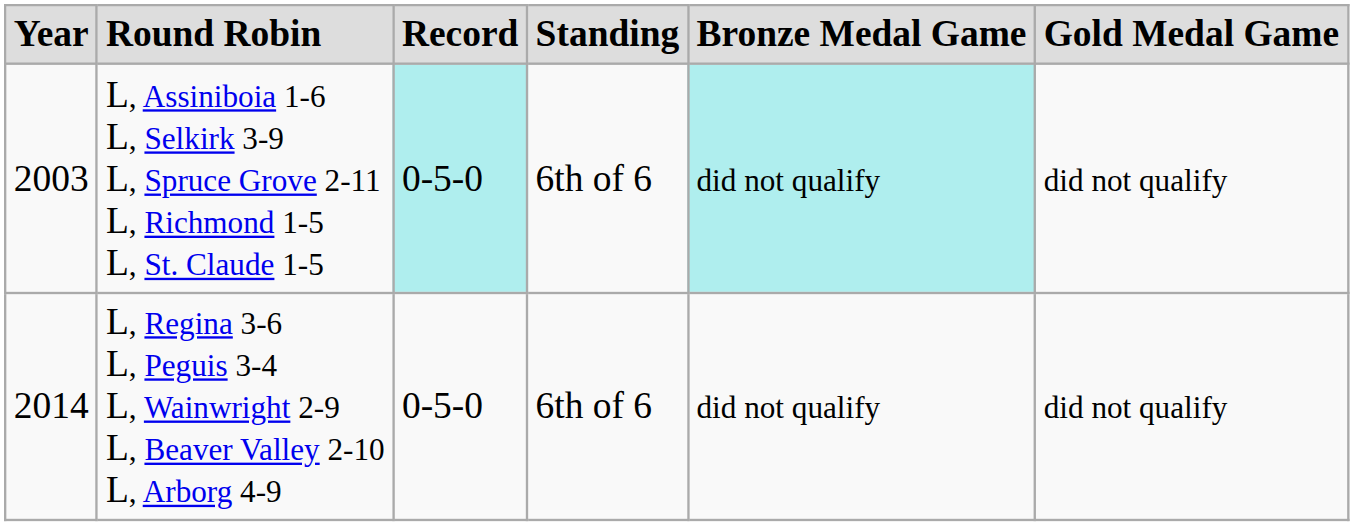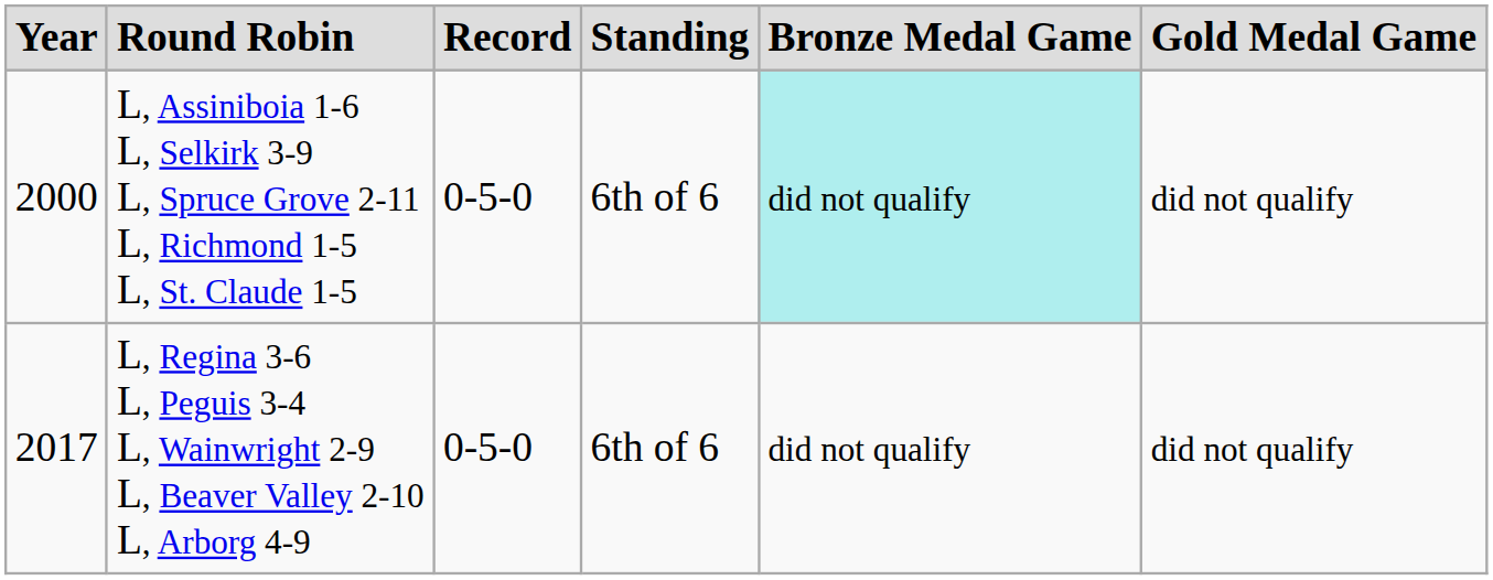 <table class="wikitable">
 <tr style="font-weight:bold; background-color:#dddddd;" |>
 <td>Year</td>
 <td>Round Robin</td>
 <td>Record</td>
 <td>Standing</td>
 <td>Bronze Medal Game</td>
 <td>Gold Medal Game</td>
 </tr>
 <tr>
-<td>2003</td>
+<td>2000</td>
 <td>L<small>, <a href='#'>Assiniboia</a> 1-6</small><br>L<small>, <a href='#'>Selkirk</a> 3-9</small><br>L<small>, <a href='#'>Spruce Grove</a> 2-11<br></small>L<small>, <a href='#'>Richmond</a> 1-5<br></small>L<small>, <a href='#'>St. Claude</a> 1-5</small></td>
-<td style="background: paleturquoise;">0-5-0</td>
+<td>0-5-0</td>
 <td>6th of 6</td>
 <td style="background: paleturquoise;"><small> did not qualify</small></td>
 <td><small>did not qualify </small></td>
 </tr>
 <tr>
-<td>2014</td>
+<td>2017</td>
 <td>L<small>, <a href='#'>Regina</a> 3-6</small><br>L<small>, <a href='#'>Peguis</a> 3-4</small><br>L<small>, <a href='#'>Wainwright</a> 2-9<br></small>L<small>, <a href='#'>Beaver Valley</a> 2-10<br></small>L<small>, <a href='#'>Arborg</a> 4-9</small></td>
 <td>0-5-0</td>
 <td>6th of 6</td>
 <td><small> did not qualify</small></td>
 <td><small> did not qualify </small></td>
 </tr>
 </table>
